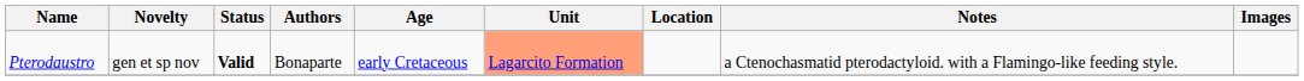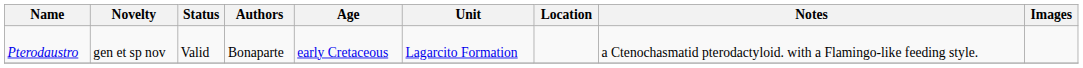 <table class="wikitable sortable" align="center" width="100%">
 <tr>
 <th>Name</th>
 <th>Novelty</th>
 <th>Status</th>
 <th>Authors</th>
 <th>Age</th>
 <th>Unit</th>
 <th>Location</th>
 <th>Notes</th>
 <th>Images</th>
 </tr>
 <tr>
 <td><br><em><a href='#'>Pterodaustro</a></em></td>
 <td><br>gen et sp nov</td>
-<td><strong><br>Valid</strong></td>
+<td><br>Valid</td>
 <td><br>Bonaparte</td>
 <td><br><a href='#'>early Cretaceous</a></td>
-<td style="background: lightsalmon;"><br><a href='#'>Lagarcito Formation</a></td>
+<td><br><a href='#'>Lagarcito Formation</a></td>
 <td><br></td>
 <td><br>a Ctenochasmatid pterodactyloid. with a Flamingo-like feeding style.</td>
 <td><br></td>
 </tr>
 <tr>
 </tr>
 </table>
